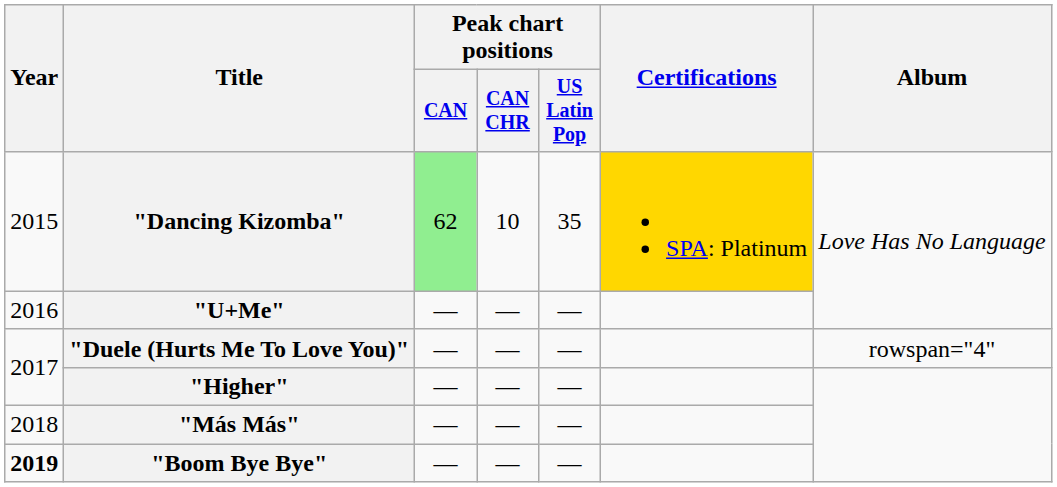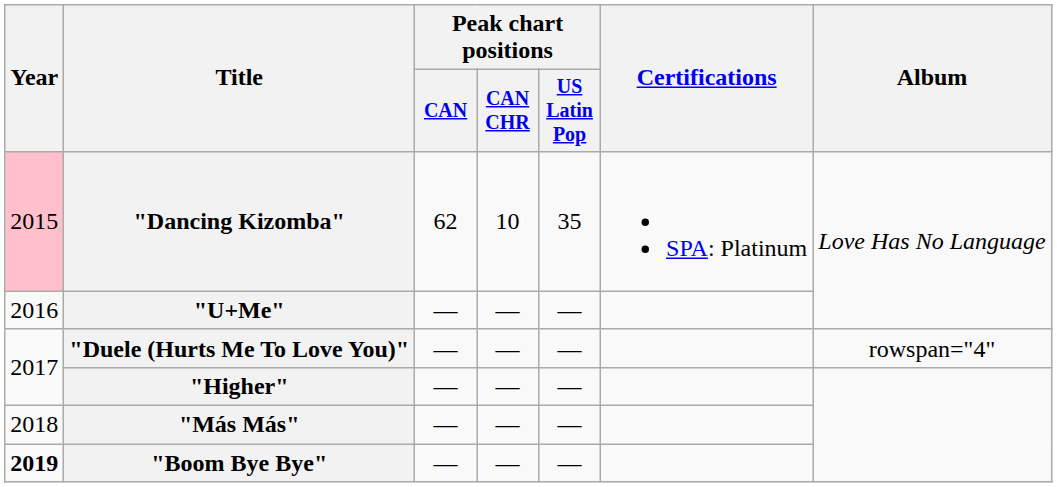 <table class="wikitable plainrowheaders" style="text-align:center;">
 <tr>
 <th rowspan="2">Year</th>
 <th rowspan="2">Title</th>
 <th colspan="3">Peak chart positions</th>
 <th rowspan="2"><a href='#'>Certifications</a></th>
 <th rowspan="2">Album</th>
 </tr>
 <tr style="font-size:smaller;">
 <th style="width:35px;"><a href='#'>CAN</a><br></th>
 <th style="width:35px;"><a href='#'>CAN CHR</a><br></th>
 <th style="width:35px;"><a href='#'>US Latin Pop</a><br></th>
 </tr>
 <tr>
-<td>2015</td>
+<td style="background: pink;">2015</td>
 <th scope="row">"Dancing Kizomba"</th>
-<td style="background: lightgreen;">62</td>
+<td>62</td>
 <td>10</td>
 <td>35</td>
-<td rowspan="1" style="background: gold;"><br><ul><li></li><li><a href='#'>SPA</a>: Platinum</li></ul></td>
+<td rowspan="1"><br><ul><li></li><li><a href='#'>SPA</a>: Platinum</li></ul></td>
 <td rowspan="2"><em>Love Has No Language</em></td>
 </tr>
 <tr>
 <td>2016</td>
 <th scope="row">"U+Me"</th>
 <td>—</td>
 <td>—</td>
 <td>—</td>
 <td></td>
 </tr>
 <tr>
 <td rowspan="2">2017</td>
 <th scope="row">"Duele (Hurts Me To Love You)"</th>
 <td>—</td>
 <td>—</td>
 <td>—</td>
 <td></td>
 <td>rowspan="4" </td>
 </tr>
 <tr>
 <th scope="row">"Higher"</th>
 <td>—</td>
 <td>—</td>
 <td>—</td>
 <td></td>
 </tr>
 <tr>
 <td rowspan="1">2018</td>
 <th scope="row">"Más Más"</th>
 <td>—</td>
 <td>—</td>
 <td>—</td>
 <td></td>
 </tr>
 <tr>
 <td rowspan="1"><strong>2019</strong></td>
 <th scope="row">"Boom Bye Bye"</th>
 <td>—</td>
 <td>—</td>
 <td>—</td>
 <td></td>
 </tr>
 </table>
